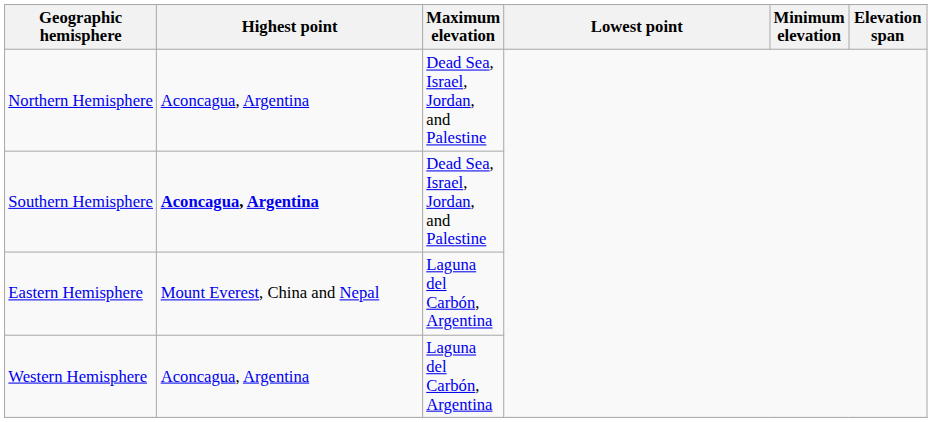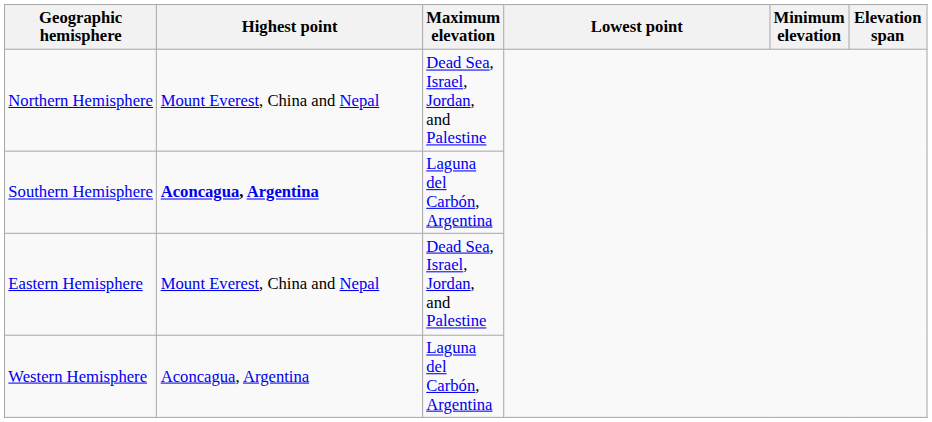 <table class="wikitable sortable">
 <tr>
 <th width="132px">Geographic hemisphere</th>
 <th width="248px">Highest point</th>
 <th width="68px">Maximum elevation</th>
 <th width="248px">Lowest point</th>
 <th width="68px">Minimum elevation</th>
 <th width="68px">Elevation span</th>
 </tr>
 <tr>
 <td><a href='#'>Northern&nbsp;Hemisphere</a></td>
-<td><a href='#'>Aconcagua</a>, <a href='#'>Argentina</a><br></td>
+<td><a href='#'>Mount Everest</a>, China and <a href='#'>Nepal</a><br></td>
 <td><a href='#'>Dead Sea</a>, <a href='#'>Israel</a>, <a href='#'>Jordan</a>, and <a href='#'>Palestine</a><br> </td>
 </tr>
 <tr>
 <td><a href='#'>Southern&nbsp;Hemisphere</a></td>
 <td><strong><a href='#'>Aconcagua</a>, <a href='#'>Argentina</a><br></strong></td>
-<td><a href='#'>Dead Sea</a>, <a href='#'>Israel</a>, <a href='#'>Jordan</a>, and <a href='#'>Palestine</a><br> </td>
+<td><a href='#'>Laguna del Carbón</a>, <a href='#'>Argentina</a><br> </td>
 </tr>
 <tr>
 <td><a href='#'>Eastern&nbsp;Hemisphere</a></td>
 <td><a href='#'>Mount Everest</a>, China and <a href='#'>Nepal</a><br></td>
-<td><a href='#'>Laguna del Carbón</a>, <a href='#'>Argentina</a><br> </td>
+<td><a href='#'>Dead Sea</a>, <a href='#'>Israel</a>, <a href='#'>Jordan</a>, and <a href='#'>Palestine</a><br> </td>
 </tr>
 <tr>
 <td><a href='#'>Western&nbsp;Hemisphere</a></td>
 <td><a href='#'>Aconcagua</a>, <a href='#'>Argentina</a><br></td>
 <td><a href='#'>Laguna del Carbón</a>, <a href='#'>Argentina</a><br> </td>
 </tr>
 </table>
